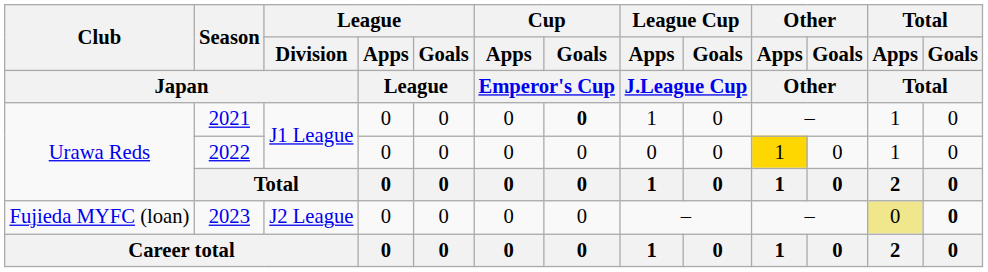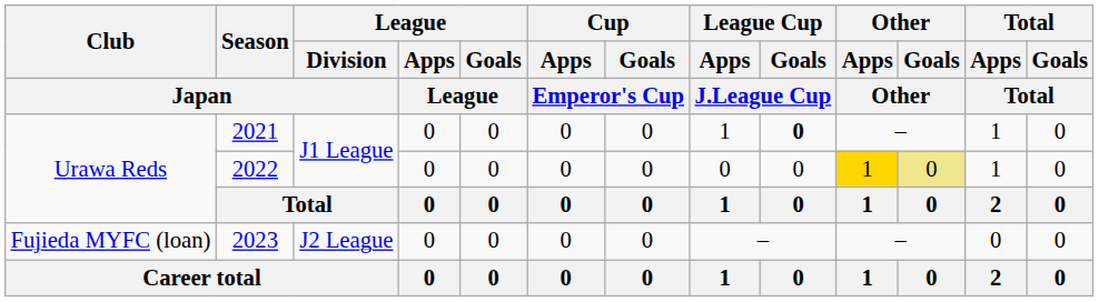 <table class="wikitable" style="text-align: center">
 <tr>
 <th rowspan="2">Club</th>
 <th rowspan="2">Season</th>
 <th colspan="3">League</th>
 <th colspan="2">Cup</th>
 <th colspan="2">League Cup</th>
 <th colspan="2">Other</th>
 <th colspan="2">Total</th>
 </tr>
 <tr>
 <th>Division</th>
 <th>Apps</th>
 <th>Goals</th>
 <th>Apps</th>
 <th>Goals</th>
 <th>Apps</th>
 <th>Goals</th>
 <th>Apps</th>
 <th>Goals</th>
 <th>Apps</th>
 <th>Goals</th>
 </tr>
 <tr>
 <th colspan=3>Japan</th>
 <th colspan=2>League</th>
 <th colspan=2><a href='#'>Emperor's Cup</a></th>
 <th colspan=2><a href='#'>J.League Cup</a></th>
 <th colspan=2>Other</th>
 <th colspan=2>Total</th>
 </tr>
 <tr>
 <td rowspan="3"><a href='#'>Urawa Reds</a></td>
 <td><a href='#'>2021</a></td>
 <td rowspan="2"><a href='#'>J1 League</a></td>
 <td>0</td>
 <td>0</td>
 <td>0</td>
+<td>0</td>
+<td>1</td>
 <td><strong>0</strong></td>
-<td>1</td>
-<td>0</td>
 <td colspan="2">–</td>
 <td>1</td>
 <td>0</td>
 </tr>
 <tr>
 <td><a href='#'>2022</a></td>
 <td>0</td>
 <td>0</td>
 <td>0</td>
 <td>0</td>
 <td>0</td>
 <td>0</td>
 <td style="background: gold;">1</td>
-<td>0</td>
+<td style="background: khaki;">0</td>
 <td>1</td>
 <td>0</td>
 </tr>
 <tr>
 <th colspan="2">Total</th>
 <th>0</th>
 <th>0</th>
 <th>0</th>
 <th>0</th>
 <th>1</th>
 <th>0</th>
 <th>1</th>
 <th>0</th>
 <th>2</th>
 <th>0</th>
 </tr>
 <tr>
 <td><a href='#'>Fujieda MYFC</a> (loan)</td>
 <td><a href='#'>2023</a></td>
 <td><a href='#'>J2 League</a></td>
 <td>0</td>
 <td>0</td>
 <td>0</td>
 <td>0</td>
 <td colspan="2">–</td>
 <td colspan="2">–</td>
-<td style="background: khaki;">0</td>
-<td><strong>0</strong></td>
+<td>0</td>
+<td>0</td>
 </tr>
 <tr>
 <th colspan=3>Career total</th>
 <th>0</th>
 <th>0</th>
 <th>0</th>
 <th>0</th>
 <th>1</th>
 <th>0</th>
 <th>1</th>
 <th>0</th>
 <th>2</th>
 <th>0</th>
 </tr>
 </table>
